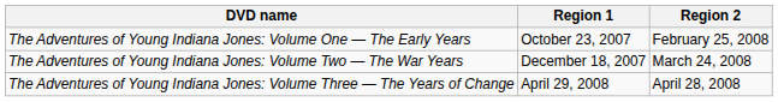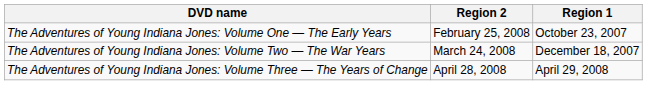 <table class="wikitable">
 <tr>
 <th>DVD name</th>
+<th>Region 2</th>
 <th>Region 1</th>
-<th>Region 2</th>
 </tr>
 <tr>
 <td><em>The Adventures of Young Indiana Jones: Volume One — The Early Years</em></td>
+<td>February 25, 2008</td>
 <td>October 23, 2007</td>
-<td>February 25, 2008</td>
 </tr>
 <tr>
 <td><em>The Adventures of Young Indiana Jones: Volume Two — The War Years</em></td>
+<td>March 24, 2008</td>
 <td>December 18, 2007</td>
-<td>March 24, 2008</td>
 </tr>
 <tr>
 <td><em>The Adventures of Young Indiana Jones: Volume Three — The Years of Change</em></td>
+<td>April 28, 2008</td>
 <td>April 29, 2008</td>
-<td>April 28, 2008</td>
 </tr>
 </table>
